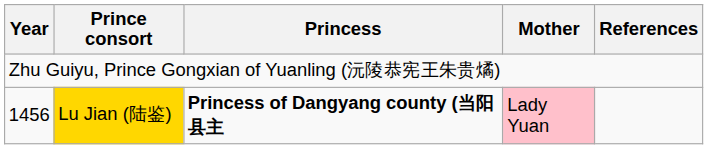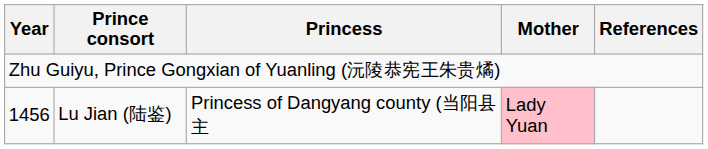 <table class="wikitable">
 <tr>
 <th>Year</th>
 <th>Prince consort</th>
 <th>Princess</th>
 <th>Mother</th>
 <th>References</th>
 </tr>
 <tr>
 <td colspan="5">Zhu Guiyu, Prince Gongxian of Yuanling (沅陵恭宪王朱贵燏)</td>
 </tr>
 <tr>
 <td>1456</td>
-<td style="background: gold;">Lu Jian (陆鉴)</td>
-<td><strong>Princess of Dangyang county (当阳县主</strong></td>
+<td>Lu Jian (陆鉴)</td>
+<td>Princess of Dangyang county (当阳县主</td>
 <td style="background: pink;">Lady Yuan</td>
 <td></td>
 </tr>
 </table>
